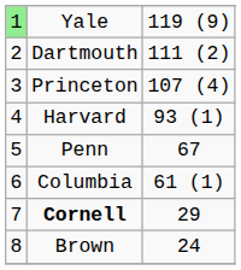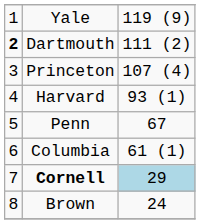 <table class="wikitable">
 <tr align="center">
 </tr>
 <tr align="center">
-<td style="background: lightgreen;">1</td>
+<td>1</td>
 <td>Yale</td>
 <td>119 (9)</td>
 </tr>
 <tr align="center">
-<td>2</td>
+<td><strong>2</strong></td>
 <td>Dartmouth</td>
 <td>111 (2)</td>
 </tr>
 <tr align="center">
 <td>3</td>
 <td>Princeton</td>
 <td>107 (4)</td>
 </tr>
 <tr align="center">
 <td>4</td>
 <td>Harvard</td>
 <td>93 (1)</td>
 </tr>
 <tr align="center">
 <td>5</td>
 <td>Penn</td>
 <td>67</td>
 </tr>
 <tr align="center">
 <td>6</td>
 <td>Columbia</td>
 <td>61 (1)</td>
 </tr>
 <tr align="center">
 <td>7</td>
 <td><strong>Cornell</strong></td>
-<td>29</td>
+<td style="background: lightblue;">29</td>
 </tr>
 <tr align="center">
 <td>8</td>
 <td>Brown</td>
 <td>24</td>
 </tr>
 <tr>
 </tr>
 </table>
